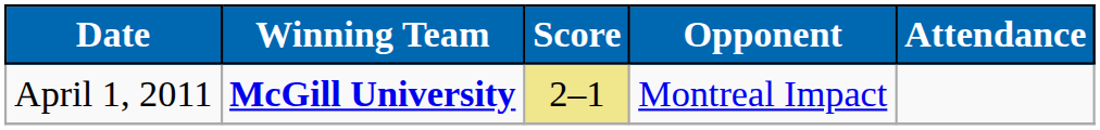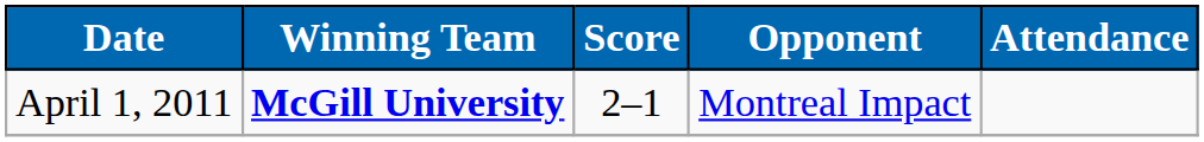 <table class="wikitable sortable">
 <tr>
 <th style="background:#0067B1; color:white; border:1px solid #000000;;">Date</th>
 <th style="background:#0067B1; color:white; border:1px solid #000000;;">Winning Team</th>
 <th style="background:#0067B1; color:white; border:1px solid #000000;;">Score</th>
 <th style="background:#0067B1; color:white; border:1px solid #000000;;">Opponent</th>
 <th style="background:#0067B1; color:white; border:1px solid #000000;;">Attendance</th>
 </tr>
 <tr align="center">
 <td>April 1, 2011</td>
 <td><strong><a href='#'>McGill University</a></strong> </td>
-<td style="background: khaki;">2–1</td>
+<td>2–1</td>
 <td> <a href='#'>Montreal Impact</a></td>
 <td></td>
 </tr>
 <tr>
 </tr>
 </table>
